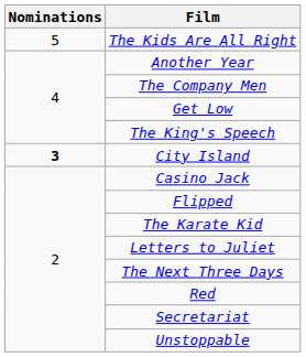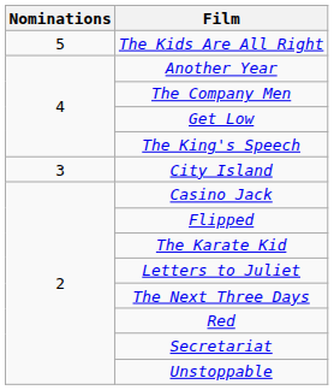 <table class="wikitable plainrowheaders" style="text-align:center;">
 <tr>
 <th scope="col" style="width:55px;">Nominations</th>
 <th scope="col" style="text-align:center;">Film</th>
 </tr>
 <tr>
 <td rowspan="1" scope="row" style="text-align:center">5</td>
 <td><em><a href='#'>The Kids Are All Right</a></em></td>
 </tr>
 <tr>
 <td scope=row rowspan=4 style="text-align:center;">4</td>
 <td><em><a href='#'>Another Year</a></em></td>
 </tr>
 <tr>
 <td><em><a href='#'>The Company Men</a></em></td>
 </tr>
 <tr>
 <td><em><a href='#'>Get Low</a></em></td>
 </tr>
 <tr>
 <td><em><a href='#'>The King's Speech</a></em></td>
 </tr>
 <tr>
-<td scope=row rowspan=1 style="text-align:center;"><strong>3</strong></td>
+<td scope=row rowspan=1 style="text-align:center;">3</td>
 <td><em><a href='#'>City Island</a></em></td>
 </tr>
 <tr>
 <td scope=row rowspan=8 style="text-align:center;">2</td>
 <td><em><a href='#'>Casino Jack</a></em></td>
 </tr>
 <tr>
 <td><em><a href='#'>Flipped</a></em></td>
 </tr>
 <tr>
 <td><em><a href='#'>The Karate Kid</a></em></td>
 </tr>
 <tr>
 <td><em><a href='#'>Letters to Juliet</a></em></td>
 </tr>
 <tr>
 <td><em><a href='#'>The Next Three Days</a></em></td>
 </tr>
 <tr>
 <td><em><a href='#'>Red</a></em></td>
 </tr>
 <tr>
 <td><em><a href='#'>Secretariat</a></em></td>
 </tr>
 <tr>
 <td><em><a href='#'>Unstoppable</a></em></td>
 </tr>
 </table>
